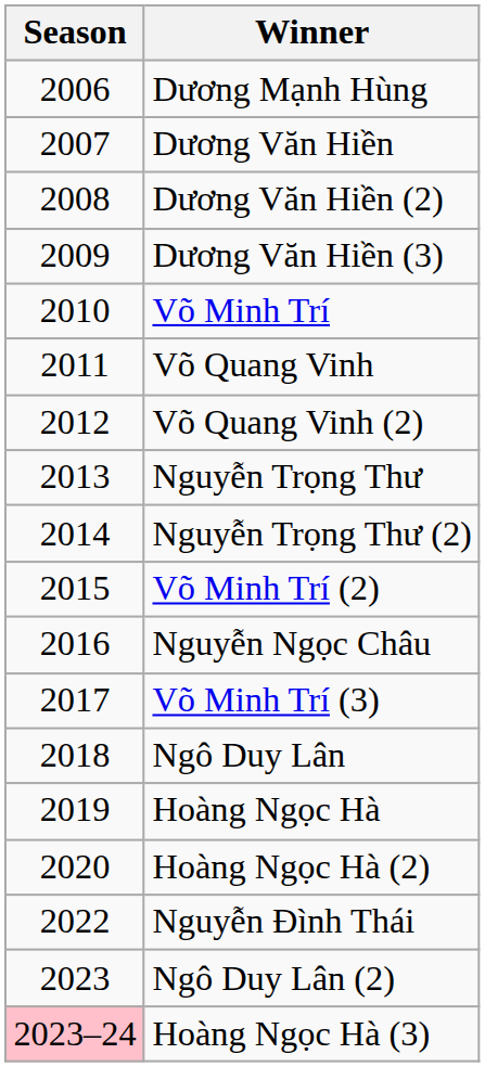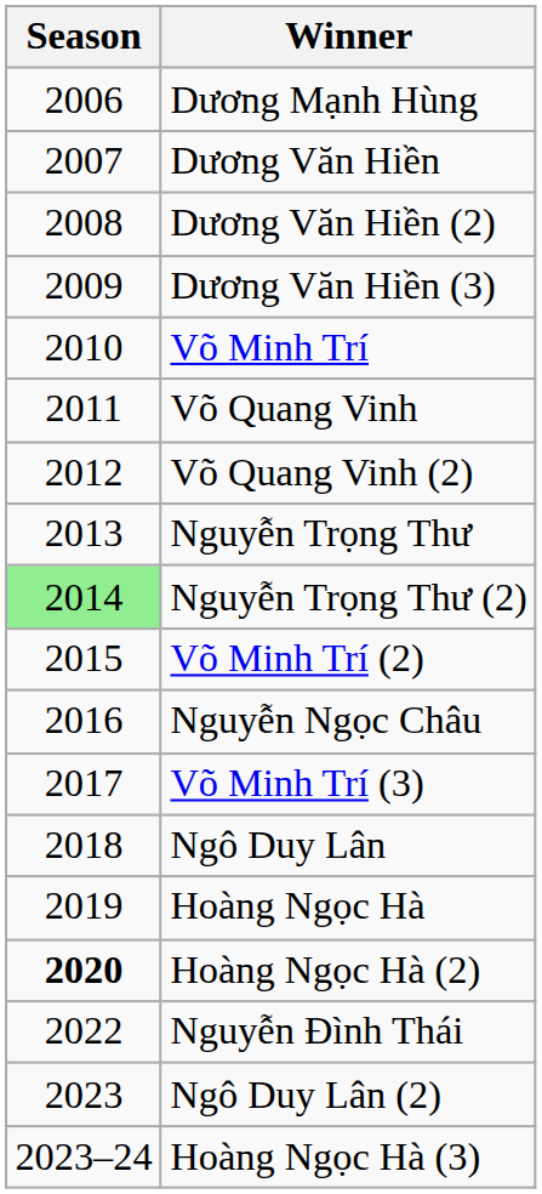 <table class="wikitable">
 <tr>
 <th>Season</th>
 <th>Winner</th>
 </tr>
 <tr>
 <td align="center">2006</td>
 <td> Dương Mạnh Hùng</td>
 </tr>
 <tr>
 <td align="center">2007</td>
 <td> Dương Văn Hiền</td>
 </tr>
 <tr>
 <td align="center">2008</td>
 <td> Dương Văn Hiền (2)</td>
 </tr>
 <tr>
 <td align="center">2009</td>
 <td> Dương Văn Hiền (3)</td>
 </tr>
 <tr>
 <td align="center">2010</td>
 <td> <a href='#'>Võ Minh Trí</a></td>
 </tr>
 <tr>
 <td align="center">2011</td>
 <td> Võ Quang Vinh</td>
 </tr>
 <tr>
 <td align="center">2012</td>
 <td> Võ Quang Vinh (2)</td>
 </tr>
 <tr>
 <td align="center">2013</td>
 <td> Nguyễn Trọng Thư</td>
 </tr>
 <tr>
-<td align="center">2014</td>
+<td align="center" style="background: lightgreen;">2014</td>
 <td> Nguyễn Trọng Thư (2)</td>
 </tr>
 <tr>
 <td align="center">2015</td>
 <td> <a href='#'>Võ Minh Trí</a> (2)</td>
 </tr>
 <tr>
 <td align="center">2016</td>
 <td> Nguyễn Ngọc Châu</td>
 </tr>
 <tr>
 <td align="center">2017</td>
 <td> <a href='#'>Võ Minh Trí</a> (3)</td>
 </tr>
 <tr>
 <td align="center">2018</td>
 <td> Ngô Duy Lân</td>
 </tr>
 <tr>
 <td align="center">2019</td>
 <td> Hoàng Ngọc Hà</td>
 </tr>
 <tr>
-<td align="center">2020</td>
+<td align="center"><strong>2020</strong></td>
 <td> Hoàng Ngọc Hà (2)</td>
 </tr>
 <tr>
 <td align="center">2022</td>
 <td> Nguyễn Đình Thái</td>
 </tr>
 <tr>
 <td align="center">2023</td>
 <td> Ngô Duy Lân (2)</td>
 </tr>
 <tr>
-<td align="center" style="background: pink;">2023–24</td>
+<td align="center">2023–24</td>
 <td> Hoàng Ngọc Hà (3)</td>
 </tr>
 </table>
